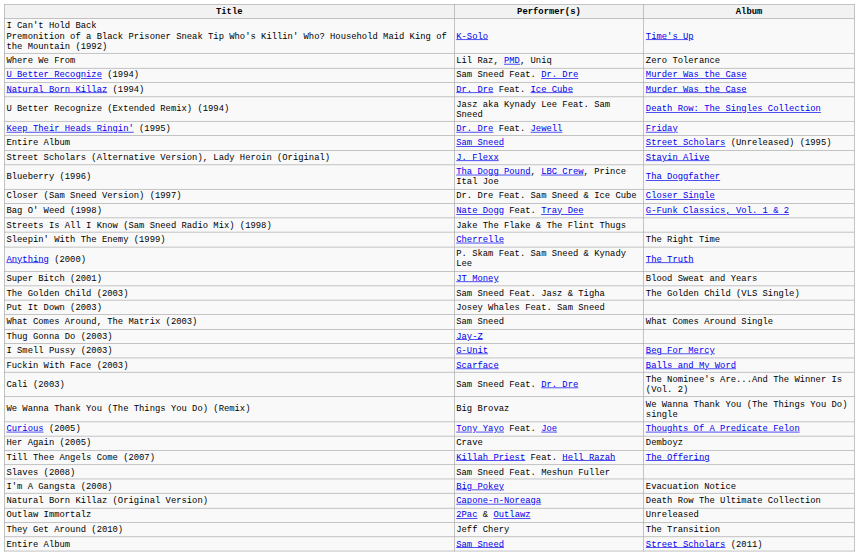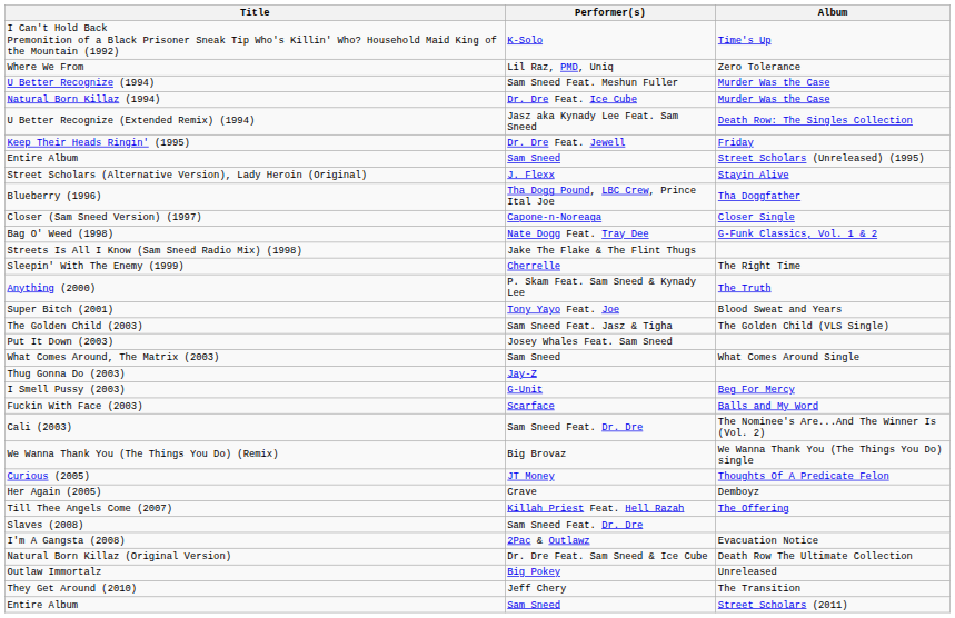 <table class="wikitable">
 <tr>
 <th>Title</th>
 <th>Performer(s)</th>
 <th>Album</th>
 </tr>
 <tr>
 <td>I Can't Hold Back<br>Premonition of a Black Prisoner Sneak Tip Who's Killin' Who? Household Maid King of the Mountain (1992)</td>
 <td><a href='#'>K-Solo</a></td>
 <td><a href='#'>Time's Up</a></td>
 </tr>
 <tr>
 <td>Where We From</td>
 <td>Lil Raz, <a href='#'>PMD</a>, Uniq</td>
 <td>Zero Tolerance</td>
 </tr>
 <tr>
 <td><a href='#'>U Better Recognize</a> (1994)</td>
-<td>Sam Sneed Feat. <a href='#'>Dr. Dre</a></td>
+<td>Sam Sneed Feat. Meshun Fuller</td>
 <td><a href='#'>Murder Was the Case</a></td>
 </tr>
 <tr>
 <td><a href='#'>Natural Born Killaz</a> (1994)</td>
 <td><a href='#'>Dr. Dre</a> Feat. <a href='#'>Ice Cube</a></td>
 <td><a href='#'>Murder Was the Case</a></td>
 </tr>
 <tr>
 <td>U Better Recognize (Extended Remix) (1994)</td>
 <td>Jasz aka Kynady Lee Feat. Sam Sneed</td>
 <td><a href='#'>Death Row: The Singles Collection</a></td>
 </tr>
 <tr>
 <td><a href='#'>Keep Their Heads Ringin'</a> (1995)</td>
 <td><a href='#'>Dr. Dre</a> Feat. <a href='#'>Jewell</a></td>
 <td><a href='#'>Friday</a></td>
 </tr>
 <tr>
 <td>Entire Album</td>
 <td><a href='#'>Sam Sneed</a></td>
 <td><a href='#'>Street Scholars</a> (Unreleased) (1995)</td>
 </tr>
 <tr>
 <td>Street Scholars (Alternative Version), Lady Heroin (Original)</td>
 <td><a href='#'>J. Flexx</a></td>
 <td><a href='#'>Stayin Alive</a></td>
 </tr>
 <tr>
 <td>Blueberry (1996)</td>
 <td><a href='#'>Tha Dogg Pound</a>, <a href='#'>LBC Crew</a>, Prince Ital Joe</td>
 <td><a href='#'>Tha Doggfather</a></td>
 </tr>
 <tr>
 <td>Closer (Sam Sneed Version) (1997)</td>
-<td>Dr. Dre Feat. Sam Sneed & Ice Cube</td>
+<td><a href='#'>Capone-n-Noreaga</a></td>
 <td><a href='#'>Closer Single</a></td>
 </tr>
 <tr>
 <td>Bag O' Weed (1998)</td>
 <td><a href='#'>Nate Dogg</a> Feat. <a href='#'>Tray Dee</a></td>
 <td><a href='#'>G-Funk Classics, Vol. 1 & 2</a></td>
 </tr>
 <tr>
 <td>Streets Is All I Know (Sam Sneed Radio Mix) (1998)</td>
 <td>Jake The Flake & The Flint Thugs</td>
 <td></td>
 </tr>
 <tr>
 <td>Sleepin' With The Enemy (1999)</td>
 <td><a href='#'>Cherrelle</a></td>
 <td>The Right Time</td>
 </tr>
 <tr>
 <td><a href='#'>Anything</a> (2000)</td>
 <td>P. Skam Feat. Sam Sneed & Kynady Lee</td>
 <td><a href='#'>The Truth</a></td>
 </tr>
 <tr>
 <td>Super Bitch (2001)</td>
-<td><a href='#'>JT Money</a></td>
+<td><a href='#'>Tony Yayo</a> Feat. <a href='#'>Joe</a></td>
 <td>Blood Sweat and Years</td>
 </tr>
 <tr>
 <td>The Golden Child (2003)</td>
 <td>Sam Sneed Feat. Jasz & Tigha</td>
 <td>The Golden Child (VLS Single)</td>
 </tr>
 <tr>
 <td>Put It Down (2003)</td>
 <td>Josey Whales Feat. Sam Sneed</td>
 <td></td>
 </tr>
 <tr>
 <td>What Comes Around, The Matrix (2003)</td>
 <td>Sam Sneed</td>
 <td>What Comes Around Single</td>
 </tr>
 <tr>
 <td>Thug Gonna Do (2003)</td>
 <td><a href='#'>Jay-Z</a></td>
 <td></td>
 </tr>
 <tr>
 <td>I Smell Pussy (2003)</td>
 <td><a href='#'>G-Unit</a></td>
 <td><a href='#'>Beg For Mercy</a></td>
 </tr>
 <tr>
 <td>Fuckin With Face (2003)</td>
 <td><a href='#'>Scarface</a></td>
 <td><a href='#'>Balls and My Word</a></td>
 </tr>
 <tr>
 <td>Cali (2003)</td>
 <td>Sam Sneed Feat. <a href='#'>Dr. Dre</a></td>
 <td>The Nominee's Are...And The Winner Is (Vol. 2)</td>
 </tr>
 <tr>
 <td>We Wanna Thank You (The Things You Do) (Remix)</td>
 <td>Big Brovaz</td>
 <td>We Wanna Thank You (The Things You Do) single</td>
 </tr>
 <tr>
 <td><a href='#'>Curious</a> (2005)</td>
-<td><a href='#'>Tony Yayo</a> Feat. <a href='#'>Joe</a></td>
+<td><a href='#'>JT Money</a></td>
 <td><a href='#'>Thoughts Of A Predicate Felon</a></td>
 </tr>
 <tr>
 <td>Her Again (2005)</td>
 <td>Crave</td>
 <td>Demboyz</td>
 </tr>
 <tr>
 <td>Till Thee Angels Come (2007)</td>
 <td><a href='#'>Killah Priest</a> Feat. <a href='#'>Hell Razah</a></td>
 <td><a href='#'>The Offering</a></td>
 </tr>
 <tr>
 <td>Slaves (2008)</td>
-<td>Sam Sneed Feat. Meshun Fuller</td>
+<td>Sam Sneed Feat. <a href='#'>Dr. Dre</a></td>
 <td></td>
 </tr>
 <tr>
 <td>I'm A Gangsta (2008)</td>
-<td><a href='#'>Big Pokey</a></td>
+<td><a href='#'>2Pac</a> & <a href='#'>Outlawz</a></td>
 <td>Evacuation Notice</td>
 </tr>
 <tr>
 <td>Natural Born Killaz (Original Version)</td>
-<td><a href='#'>Capone-n-Noreaga</a></td>
+<td>Dr. Dre Feat. Sam Sneed & Ice Cube</td>
 <td>Death Row The Ultimate Collection</td>
 </tr>
 <tr>
 <td>Outlaw Immortalz</td>
-<td><a href='#'>2Pac</a> & <a href='#'>Outlawz</a></td>
+<td><a href='#'>Big Pokey</a></td>
 <td>Unreleased</td>
 </tr>
 <tr>
 <td>They Get Around (2010)</td>
 <td>Jeff Chery</td>
 <td>The Transition</td>
 </tr>
 <tr>
 <td>Entire Album</td>
 <td><a href='#'>Sam Sneed</a></td>
 <td><a href='#'>Street Scholars</a> (2011)</td>
 </tr>
 </table>
